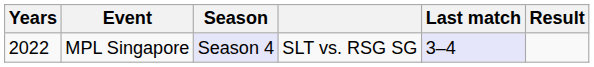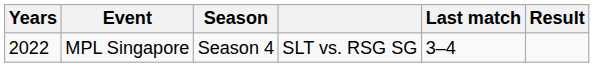 <table class="wikitable sortable mw-collapsible">
 <tr>
 <th>Years</th>
 <th>Event</th>
 <th>Season</th>
 <th></th>
 <th>Last match</th>
 <th>Result</th>
 </tr>
 <tr>
 <td rowspan="6">2022</td>
 <td>MPL Singapore</td>
-<td style="background: lavender;">Season 4</td>
+<td>Season 4</td>
 <td>SLT vs. RSG SG</td>
-<td style="background: lavender;">3–4</td>
+<td>3–4</td>
 <td></td>
 </tr>
 </table>
